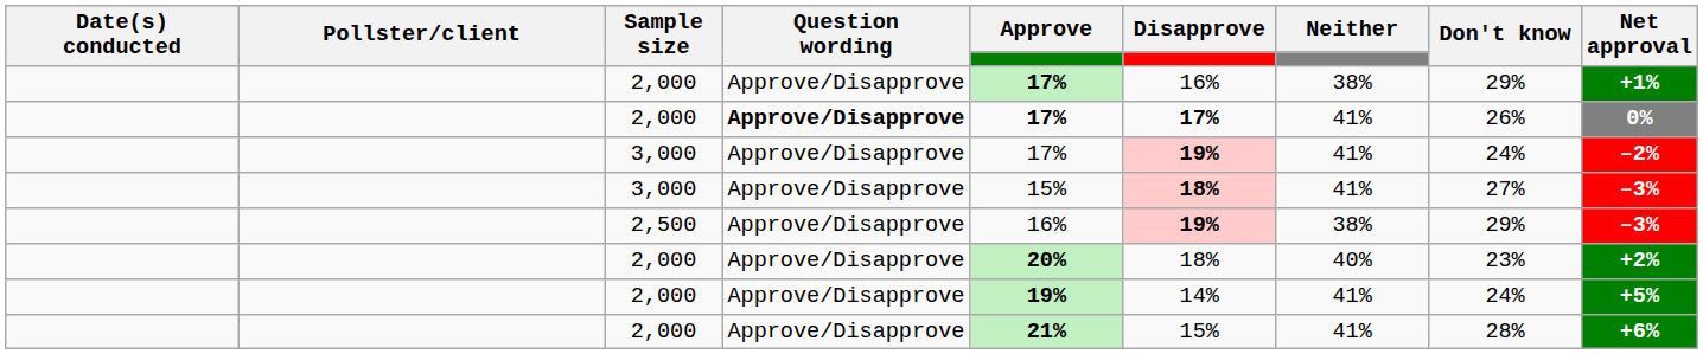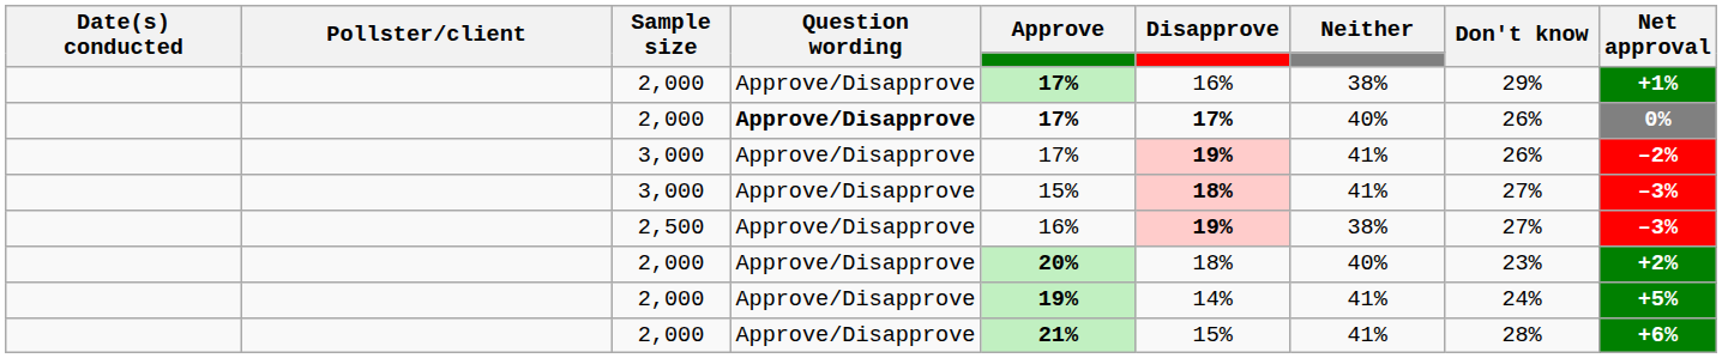 <table class="wikitable collapsible sortable mw-datatable" style="text-align:center;font-size:95%;line-height:14px;">
 <tr>
 <th style="width:125px;" rowspan="2">Date(s)<br>conducted</th>
 <th style="width:200px;" rowspan="2">Pollster/client</th>
 <th style="width:60px;" rowspan="2">Sample size</th>
 <th style="width:120px;" rowspan="2">Question<br>wording</th>
 <th class="unsortable" style="width:80px;">Approve</th>
 <th class="unsortable" style="width: 80px;">Disapprove</th>
 <th class="unsortable" style="width:80px;">Neither</th>
 <th class="unsortable" style="width:80px;" rowspan="2">Don't know</th>
 <th class="unsortable" style="width:20px;" rowspan="2">Net approval</th>
 </tr>
 <tr>
 <th class="unsortable" style="color:inherit;background:green;width:60px;"></th>
 <th class="unsortable" style="color:inherit;background:red;width:60px;"></th>
 <th class="unsortable" style="background:grey;width:60px;"></th>
 </tr>
 <tr>
 <td></td>
 <td></td>
 <td>2,000</td>
 <td>Approve/Disapprove</td>
 <td style="background:#C1F0C1"><strong>17%</strong></td>
 <td>16%</td>
 <td>38%</td>
 <td>29%</td>
 <td style="background:green;color:white;"><strong>+1%</strong></td>
 </tr>
 <tr>
 <td></td>
 <td></td>
 <td>2,000</td>
 <td><strong>Approve/Disapprove</strong></td>
 <td><strong>17%</strong></td>
 <td><strong>17%</strong></td>
-<td>41%</td>
+<td>40%</td>
 <td>26%</td>
 <td style="background:grey;color:white;"><strong>0%</strong></td>
 </tr>
 <tr>
 <td></td>
 <td></td>
 <td>3,000</td>
 <td>Approve/Disapprove</td>
 <td>17%</td>
 <td style="background:#ffcccb"><strong>19%</strong></td>
 <td>41%</td>
-<td>24%</td>
+<td>26%</td>
 <td style="background:red;color:white;"><strong>–2%</strong></td>
 </tr>
 <tr>
 <td></td>
 <td></td>
 <td>3,000</td>
 <td>Approve/Disapprove</td>
 <td>15%</td>
 <td style="background:#ffcccb"><strong>18%</strong></td>
 <td>41%</td>
 <td>27%</td>
 <td style="background:red;color:white;"><strong>–3%</strong></td>
 </tr>
 <tr>
 <td></td>
 <td></td>
 <td>2,500</td>
 <td>Approve/Disapprove</td>
 <td>16%</td>
 <td style="background:#ffcccb"><strong>19%</strong></td>
 <td>38%</td>
-<td>29%</td>
+<td>27%</td>
 <td style="background:red;color:white;"><strong>–3%</strong></td>
 </tr>
 <tr>
 <td></td>
 <td></td>
 <td>2,000</td>
 <td>Approve/Disapprove</td>
 <td style="background:#C1F0C1"><strong>20%</strong></td>
 <td>18%</td>
 <td>40%</td>
 <td>23%</td>
 <td style="background:green;color:white;"><strong>+2%</strong></td>
 </tr>
 <tr>
 <td></td>
 <td></td>
 <td>2,000</td>
 <td>Approve/Disapprove</td>
 <td style="background:#C1F0C1"><strong>19%</strong></td>
 <td>14%</td>
 <td>41%</td>
 <td>24%</td>
 <td style="background:green;color:white;"><strong>+5%</strong></td>
 </tr>
 <tr>
 <td></td>
 <td></td>
 <td>2,000</td>
 <td>Approve/Disapprove</td>
 <td style="background:#C1F0C1"><strong>21%</strong></td>
 <td>15%</td>
 <td>41%</td>
 <td>28%</td>
 <td style="background:green;color:white;"><strong>+6%</strong></td>
 </tr>
 </table>
